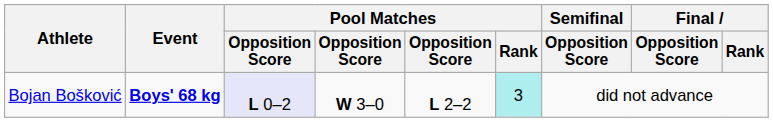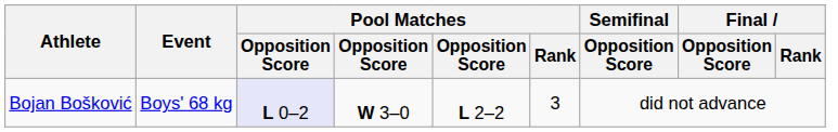 <table class="wikitable" style="font-size:90%">
 <tr>
 <th rowspan=2>Athlete</th>
 <th rowspan=2>Event</th>
 <th colspan=4>Pool Matches</th>
 <th>Semifinal</th>
 <th colspan=2>Final / </th>
 </tr>
 <tr style="font-size:95%">
 <th>Opposition<br>Score</th>
 <th>Opposition<br>Score</th>
 <th>Opposition<br>Score</th>
 <th>Rank</th>
 <th>Opposition<br>Score</th>
 <th>Opposition<br>Score</th>
 <th>Rank</th>
 </tr>
 <tr align=center>
 <td align=left><a href='#'>Bojan Bošković</a></td>
-<td align=left><strong><a href='#'>Boys' 68 kg</a></strong></td>
+<td align=left><a href='#'>Boys' 68 kg</a></td>
 <td style="background: lavender;"><br><strong>L</strong> 0–2</td>
 <td><br><strong>W</strong> 3–0</td>
 <td><br><strong>L</strong> 2–2</td>
-<td style="background: paleturquoise;">3</td>
+<td>3</td>
 <td colspan=3>did not advance</td>
 </tr>
 </table>
